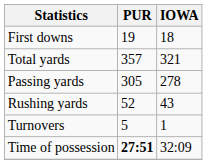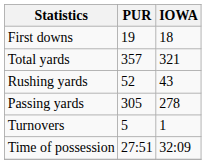 <table class="wikitable">
 <tr>
 <th>Statistics</th>
 <th>PUR</th>
 <th>IOWA</th>
 </tr>
 <tr>
 <td>First downs</td>
 <td>19</td>
 <td>18</td>
 </tr>
 <tr>
 <td>Total yards</td>
 <td>357</td>
 <td>321</td>
 </tr>
 <tr>
+<td>Rushing yards</td>
+<td>52</td>
+<td>43</td>
+</tr>
+<tr>
 <td>Passing yards</td>
 <td>305</td>
 <td>278</td>
-</tr>
-<tr>
-<td>Rushing yards</td>
-<td>52</td>
-<td>43</td>
 </tr>
 <tr>
 <td>Turnovers</td>
 <td>5</td>
 <td>1</td>
 </tr>
 <tr>
 <td>Time of possession</td>
-<td><strong>27:51</strong></td>
+<td>27:51</td>
 <td>32:09</td>
 </tr>
 <tr>
 </tr>
 </table>
